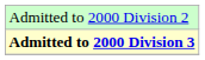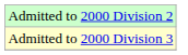 <table class="wikitable">
 <tr width=10px bgcolor="#ccffcc">
 <td>Admitted to <a href='#'>2000 Division 2</a></td>
 </tr>
 <tr width=10px bgcolor="#ffffcc">
-<td><strong>Admitted to <a href='#'>2000 Division 3</a></strong></td>
+<td>Admitted to <a href='#'>2000 Division 3</a></td>
 </tr>
 <tr>
 </tr>
 </table>
